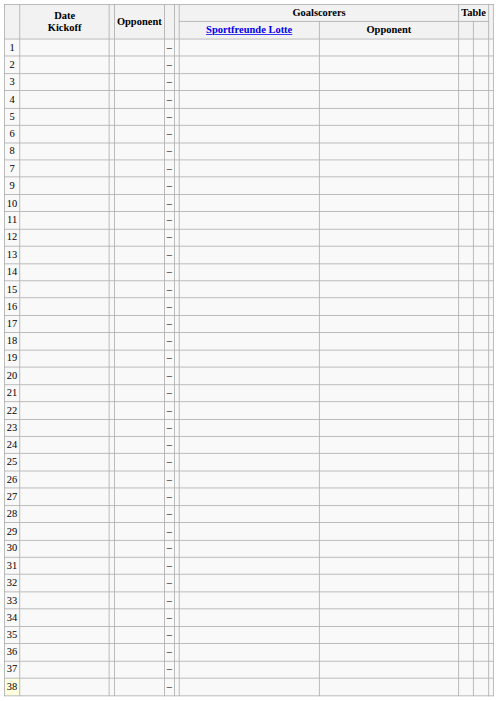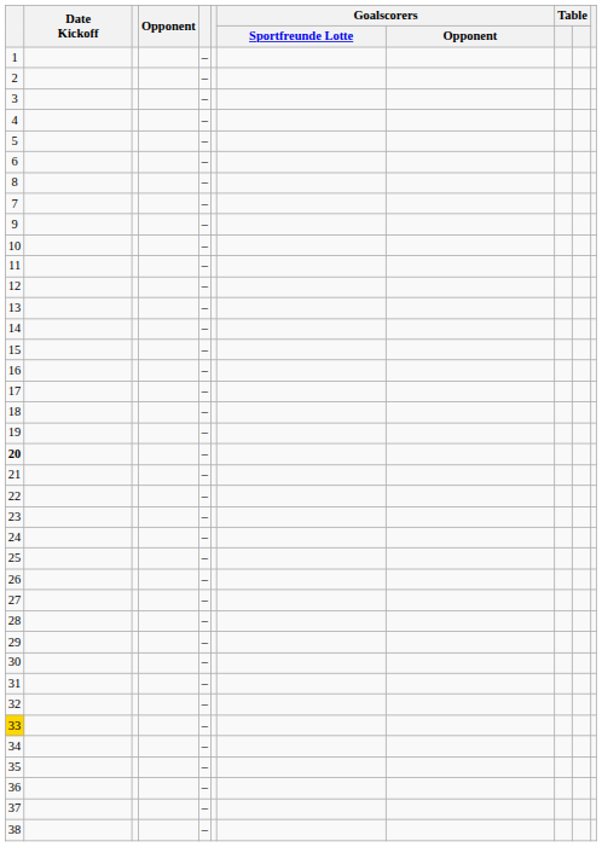 <table class="wikitable" Style="text-align: center;font-size:85%">
 <tr>
 <th rowspan="2"></th>
 <th rowspan="2" style="width:110px">Date<br>Kickoff</th>
 <th rowspan="2"></th>
 <th rowspan="2">Opponent</th>
 <th rowspan="2"><br></th>
 <th rowspan="2"></th>
 <th colspan="2">Goalscorers</th>
 <th colspan="2">Table</th>
 <th rowspan="2"></th>
 </tr>
 <tr>
 <th style="width:175px"><a href='#'>Sportfreunde Lotte</a></th>
 <th style="width:175px">Opponent</th>
 <th></th>
 <th></th>
 </tr>
 <tr>
 <td>1</td>
 <td></td>
 <td></td>
 <td></td>
 <td>–</td>
 <td></td>
 <td></td>
 <td></td>
 <td></td>
 <td></td>
 <td></td>
 </tr>
 <tr>
 <td>2</td>
 <td></td>
 <td></td>
 <td></td>
 <td>–</td>
 <td></td>
 <td></td>
 <td></td>
 <td></td>
 <td></td>
 <td></td>
 </tr>
 <tr>
 <td>3</td>
 <td></td>
 <td></td>
 <td></td>
 <td>–</td>
 <td></td>
 <td></td>
 <td></td>
 <td></td>
 <td></td>
 <td></td>
 </tr>
 <tr>
 <td>4</td>
 <td></td>
 <td></td>
 <td></td>
 <td>–</td>
 <td></td>
 <td></td>
 <td></td>
 <td></td>
 <td></td>
 <td></td>
 </tr>
 <tr>
 <td>5</td>
 <td></td>
 <td></td>
 <td></td>
 <td>–</td>
 <td></td>
 <td></td>
 <td></td>
 <td></td>
 <td></td>
 <td></td>
 </tr>
 <tr>
 <td>6</td>
 <td></td>
 <td></td>
 <td></td>
 <td>–</td>
 <td></td>
 <td></td>
 <td></td>
 <td></td>
 <td></td>
 <td></td>
 </tr>
 <tr>
 <td>8</td>
 <td></td>
 <td></td>
 <td></td>
 <td>–</td>
 <td></td>
 <td></td>
 <td></td>
 <td></td>
 <td></td>
 <td></td>
 </tr>
 <tr>
 <td>7</td>
 <td></td>
 <td></td>
 <td></td>
 <td>–</td>
 <td></td>
 <td></td>
 <td></td>
 <td></td>
 <td></td>
 <td></td>
 </tr>
 <tr>
 <td>9</td>
 <td></td>
 <td></td>
 <td></td>
 <td>–</td>
 <td></td>
 <td></td>
 <td></td>
 <td></td>
 <td></td>
 <td></td>
 </tr>
 <tr>
 <td>10</td>
 <td></td>
 <td></td>
 <td></td>
 <td>–</td>
 <td></td>
 <td></td>
 <td></td>
 <td></td>
 <td></td>
 <td></td>
 </tr>
 <tr>
 <td>11</td>
 <td></td>
 <td></td>
 <td></td>
 <td>–</td>
 <td></td>
 <td></td>
 <td></td>
 <td></td>
 <td></td>
 <td></td>
 </tr>
 <tr>
 <td>12</td>
 <td></td>
 <td></td>
 <td></td>
 <td>–</td>
 <td></td>
 <td></td>
 <td></td>
 <td></td>
 <td></td>
 <td></td>
 </tr>
 <tr>
 <td>13</td>
 <td></td>
 <td></td>
 <td></td>
 <td>–</td>
 <td></td>
 <td></td>
 <td></td>
 <td></td>
 <td></td>
 <td></td>
 </tr>
 <tr>
 <td>14</td>
 <td></td>
 <td></td>
 <td></td>
 <td>–</td>
 <td></td>
 <td></td>
 <td></td>
 <td></td>
 <td></td>
 <td></td>
 </tr>
 <tr>
 <td>15</td>
 <td></td>
 <td></td>
 <td></td>
 <td>–</td>
 <td></td>
 <td></td>
 <td></td>
 <td></td>
 <td></td>
 <td></td>
 </tr>
 <tr>
 <td>16</td>
 <td></td>
 <td></td>
 <td></td>
 <td>–</td>
 <td></td>
 <td></td>
 <td></td>
 <td></td>
 <td></td>
 <td></td>
 </tr>
 <tr>
 <td>17</td>
 <td></td>
 <td></td>
 <td></td>
 <td>–</td>
 <td></td>
 <td></td>
 <td></td>
 <td></td>
 <td></td>
 <td></td>
 </tr>
 <tr>
 <td>18</td>
 <td></td>
 <td></td>
 <td></td>
 <td>–</td>
 <td></td>
 <td></td>
 <td></td>
 <td></td>
 <td></td>
 <td></td>
 </tr>
 <tr>
 <td>19</td>
 <td></td>
 <td></td>
 <td></td>
 <td>–</td>
 <td></td>
 <td></td>
 <td></td>
 <td></td>
 <td></td>
 <td></td>
 </tr>
 <tr>
-<td>20</td>
+<td><strong>20</strong></td>
 <td></td>
 <td></td>
 <td></td>
 <td>–</td>
 <td></td>
 <td></td>
 <td></td>
 <td></td>
 <td></td>
 <td></td>
 </tr>
 <tr>
 <td>21</td>
 <td></td>
 <td></td>
 <td></td>
 <td>–</td>
 <td></td>
 <td></td>
 <td></td>
 <td></td>
 <td></td>
 <td></td>
 </tr>
 <tr>
 <td>22</td>
 <td></td>
 <td></td>
 <td></td>
 <td>–</td>
 <td></td>
 <td></td>
 <td></td>
 <td></td>
 <td></td>
 <td></td>
 </tr>
 <tr>
 <td>23</td>
 <td></td>
 <td></td>
 <td></td>
 <td>–</td>
 <td></td>
 <td></td>
 <td></td>
 <td></td>
 <td></td>
 <td></td>
 </tr>
 <tr>
 <td>24</td>
 <td></td>
 <td></td>
 <td></td>
 <td>–</td>
 <td></td>
 <td></td>
 <td></td>
 <td></td>
 <td></td>
 <td></td>
 </tr>
 <tr>
 <td>25</td>
 <td></td>
 <td></td>
 <td></td>
 <td>–</td>
 <td></td>
 <td></td>
 <td></td>
 <td></td>
 <td></td>
 <td></td>
 </tr>
 <tr>
 <td>26</td>
 <td></td>
 <td></td>
 <td></td>
 <td>–</td>
 <td></td>
 <td></td>
 <td></td>
 <td></td>
 <td></td>
 <td></td>
 </tr>
 <tr>
 <td>27</td>
 <td></td>
 <td></td>
 <td></td>
 <td>–</td>
 <td></td>
 <td></td>
 <td></td>
 <td></td>
 <td></td>
 <td></td>
 </tr>
 <tr>
 <td>28</td>
 <td></td>
 <td></td>
 <td></td>
 <td>–</td>
 <td></td>
 <td></td>
 <td></td>
 <td></td>
 <td></td>
 <td></td>
 </tr>
 <tr>
 <td>29</td>
 <td></td>
 <td></td>
 <td></td>
 <td>–</td>
 <td></td>
 <td></td>
 <td></td>
 <td></td>
 <td></td>
 <td></td>
 </tr>
 <tr>
 <td>30</td>
 <td></td>
 <td></td>
 <td></td>
 <td>–</td>
 <td></td>
 <td></td>
 <td></td>
 <td></td>
 <td></td>
 <td></td>
 </tr>
 <tr>
 <td>31</td>
 <td></td>
 <td></td>
 <td></td>
 <td>–</td>
 <td></td>
 <td></td>
 <td></td>
 <td></td>
 <td></td>
 <td></td>
 </tr>
 <tr>
 <td>32</td>
 <td></td>
 <td></td>
 <td></td>
 <td>–</td>
 <td></td>
 <td></td>
 <td></td>
 <td></td>
 <td></td>
 <td></td>
 </tr>
 <tr>
-<td>33</td>
+<td style="background: gold;">33</td>
 <td></td>
 <td></td>
 <td></td>
 <td>–</td>
 <td></td>
 <td></td>
 <td></td>
 <td></td>
 <td></td>
 <td></td>
 </tr>
 <tr>
 <td>34</td>
 <td></td>
 <td></td>
 <td></td>
 <td>–</td>
 <td></td>
 <td></td>
 <td></td>
 <td></td>
 <td></td>
 <td></td>
 </tr>
 <tr>
 <td>35</td>
 <td></td>
 <td></td>
 <td></td>
 <td>–</td>
 <td></td>
 <td></td>
 <td></td>
 <td></td>
 <td></td>
 <td></td>
 </tr>
 <tr>
 <td>36</td>
 <td></td>
 <td></td>
 <td></td>
 <td>–</td>
 <td></td>
 <td></td>
 <td></td>
 <td></td>
 <td></td>
 <td></td>
 </tr>
 <tr>
 <td>37</td>
 <td></td>
 <td></td>
 <td></td>
 <td>–</td>
 <td></td>
 <td></td>
 <td></td>
 <td></td>
 <td></td>
 <td></td>
 </tr>
 <tr>
-<td style="background: lightyellow;">38</td>
+<td>38</td>
 <td></td>
 <td></td>
 <td></td>
 <td>–</td>
 <td></td>
 <td></td>
 <td></td>
 <td></td>
 <td></td>
 <td></td>
 </tr>
 </table>
